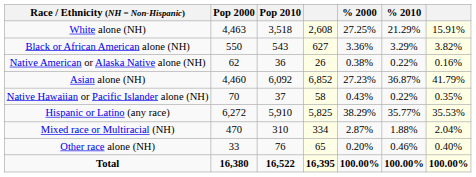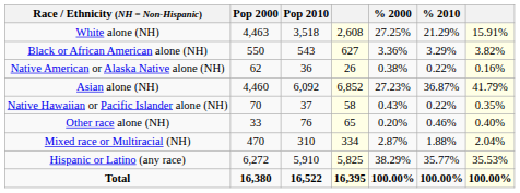 <table class="wikitable" style="text-align:center;">
 <tr>
 <th>Race / Ethnicity <small>(<em>NH = Non-Hispanic</em>)</small></th>
 <th>Pop 2000</th>
 <th>Pop 2010</th>
 <th></th>
 <th>% 2000</th>
 <th>% 2010</th>
 <th></th>
 </tr>
 <tr>
 <td><a href='#'>White</a> alone (NH)</td>
 <td>4,463</td>
 <td>3,518</td>
 <td style='background: #ffffe6;'>2,608</td>
 <td>27.25%</td>
 <td>21.29%</td>
 <td style='background: #ffffe6;'>15.91%</td>
 </tr>
 <tr>
 <td><a href='#'>Black or African American</a> alone (NH)</td>
 <td>550</td>
 <td>543</td>
 <td style='background: #ffffe6;'>627</td>
 <td>3.36%</td>
 <td>3.29%</td>
 <td style='background: #ffffe6;'>3.82%</td>
 </tr>
 <tr>
 <td><a href='#'>Native American</a> or <a href='#'>Alaska Native</a> alone (NH)</td>
 <td>62</td>
 <td>36</td>
 <td style='background: #ffffe6;'>26</td>
 <td>0.38%</td>
 <td>0.22%</td>
 <td style='background: #ffffe6;'>0.16%</td>
 </tr>
 <tr>
 <td><a href='#'>Asian</a> alone (NH)</td>
 <td>4,460</td>
 <td>6,092</td>
 <td style='background: #ffffe6;'>6,852</td>
 <td>27.23%</td>
 <td>36.87%</td>
 <td style='background: #ffffe6;'>41.79%</td>
 </tr>
 <tr>
 <td><a href='#'>Native Hawaiian</a> or <a href='#'>Pacific Islander</a> alone (NH)</td>
 <td>70</td>
 <td>37</td>
 <td style='background: #ffffe6;'>58</td>
 <td>0.43%</td>
 <td>0.22%</td>
 <td style='background: #ffffe6;'>0.35%</td>
 </tr>
 <tr>
-<td><a href='#'>Hispanic or Latino</a> (any race)</td>
-<td>6,272</td>
-<td>5,910</td>
-<td style='background: #ffffe6;'>5,825</td>
-<td>38.29%</td>
-<td>35.77%</td>
-<td style='background: #ffffe6;'>35.53%</td>
+<td><a href='#'>Other race</a> alone (NH)</td>
+<td>33</td>
+<td>76</td>
+<td style='background: #ffffe6;'>65</td>
+<td>0.20%</td>
+<td>0.46%</td>
+<td style='background: #ffffe6;'>0.40%</td>
 </tr>
 <tr>
 <td><a href='#'>Mixed race or Multiracial</a> (NH)</td>
 <td>470</td>
 <td>310</td>
 <td style='background: #ffffe6;'>334</td>
 <td>2.87%</td>
 <td>1.88%</td>
 <td style='background: #ffffe6;'>2.04%</td>
 </tr>
 <tr>
-<td><a href='#'>Other race</a> alone (NH)</td>
-<td>33</td>
-<td>76</td>
-<td style='background: #ffffe6;'>65</td>
-<td>0.20%</td>
-<td>0.46%</td>
-<td style='background: #ffffe6;'>0.40%</td>
+<td><a href='#'>Hispanic or Latino</a> (any race)</td>
+<td>6,272</td>
+<td>5,910</td>
+<td style='background: #ffffe6;'>5,825</td>
+<td>38.29%</td>
+<td>35.77%</td>
+<td style='background: #ffffe6;'>35.53%</td>
 </tr>
 <tr>
 <td><strong>Total</strong></td>
 <td><strong>16,380</strong></td>
 <td><strong>16,522</strong></td>
 <td style='background: #ffffe6;'><strong>16,395</strong></td>
 <td><strong>100.00%</strong></td>
 <td><strong>100.00%</strong></td>
 <td style='background: #ffffe6;'><strong>100.00%</strong></td>
 </tr>
 </table>
